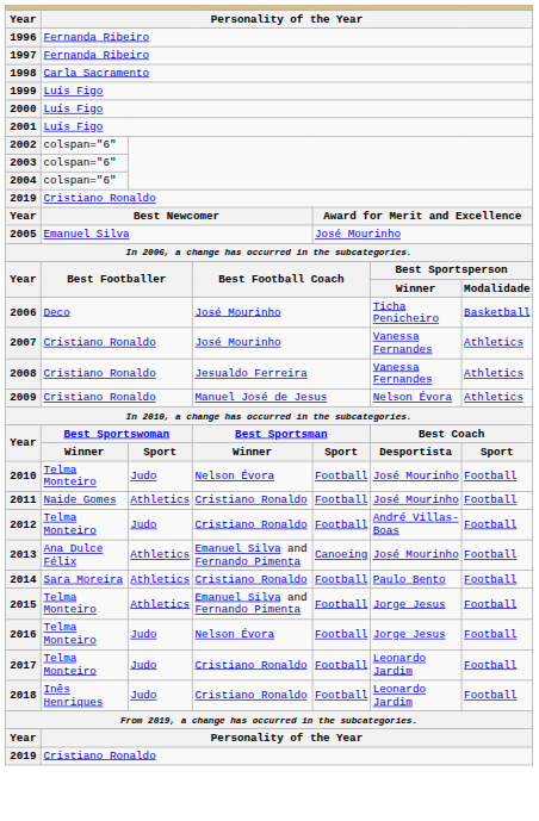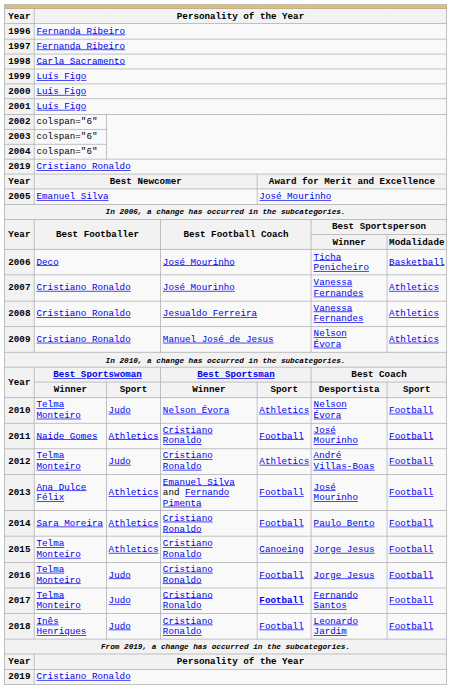 <table class="wikitable sortable" width="100%">
 <tr>
 <td colspan="7" bgcolor="#e4be6d"></td>
 </tr>
 <tr>
 <th colspan="1" style="padding: 0 5px;">Year</th>
 <th colspan="6">Personality of the Year</th>
 </tr>
 <tr>
 <th>1996</th>
 <td colspan="6"><a href='#'>Fernanda Ribeiro</a></td>
 </tr>
 <tr>
 <th>1997</th>
 <td colspan="6"><a href='#'>Fernanda Ribeiro</a></td>
 </tr>
 <tr>
 <th>1998</th>
 <td colspan="6"><a href='#'>Carla Sacramento</a></td>
 </tr>
 <tr>
 <th>1999</th>
 <td colspan="6"><a href='#'>Luís Figo</a></td>
 </tr>
 <tr>
 <th>2000</th>
 <td colspan="6"><a href='#'>Luís Figo</a></td>
 </tr>
 <tr>
 <th>2001</th>
 <td colspan="6"><a href='#'>Luís Figo</a></td>
 </tr>
 <tr>
 <th>2002</th>
 <td>colspan="6" </td>
 </tr>
 <tr>
 <th>2003</th>
 <td>colspan="6" </td>
 </tr>
 <tr>
 <th>2004</th>
 <td>colspan="6" </td>
 </tr>
 <tr>
 <th>2019</th>
 <td colspan="6"><a href='#'>Cristiano Ronaldo</a></td>
 </tr>
 <tr>
 <th>Year</th>
 <th colspan="3">Best Newcomer</th>
 <th colspan="3">Award for Merit and Excellence</th>
 </tr>
 <tr>
 <th>2005</th>
 <td colspan="3"><a href='#'>Emanuel Silva</a></td>
 <td colspan="3"><a href='#'>José Mourinho</a></td>
 </tr>
 <tr>
 <th colspan="7"><em><small>In 2006, a change has occurred in the subcategories.</small></em></th>
 </tr>
 <tr>
 <th rowspan="2">Year</th>
 <th colspan="2" rowspan="2">Best Footballer</th>
 <th colspan="2" rowspan="2">Best Football Coach</th>
 <th colspan="2">Best Sportsperson</th>
 </tr>
 <tr>
 <th>Winner</th>
 <th>Modalidade</th>
 </tr>
 <tr>
 <th>2006</th>
 <td colspan="2"><a href='#'>Deco</a></td>
 <td colspan="2"><a href='#'>José Mourinho</a></td>
 <td><a href='#'>Ticha Penicheiro</a></td>
 <td><a href='#'>Basketball</a></td>
 </tr>
 <tr>
 <th>2007</th>
 <td colspan="2"><a href='#'>Cristiano Ronaldo</a></td>
 <td colspan="2"><a href='#'>José Mourinho</a></td>
 <td><a href='#'>Vanessa Fernandes</a></td>
 <td><a href='#'>Athletics</a></td>
 </tr>
 <tr>
 <th>2008</th>
 <td colspan="2"><a href='#'>Cristiano Ronaldo</a></td>
 <td colspan="2"><a href='#'>Jesualdo Ferreira</a></td>
 <td><a href='#'>Vanessa Fernandes</a></td>
 <td><a href='#'>Athletics</a></td>
 </tr>
 <tr>
 <th>2009</th>
 <td colspan="2"><a href='#'>Cristiano Ronaldo</a></td>
 <td colspan="2"><a href='#'>Manuel José de Jesus</a></td>
 <td><a href='#'>Nelson Évora</a> </td>
 <td><a href='#'>Athletics</a></td>
 </tr>
 <tr>
 <th colspan="7"><em><small>In 2010, a change has occurred in the subcategories.</small></em></th>
 </tr>
 <tr>
 <th rowspan="2">Year</th>
 <th colspan="2"><a href='#'>Best Sportswoman</a></th>
 <th colspan="2"><a href='#'>Best Sportsman</a></th>
 <th colspan="2">Best Coach</th>
 </tr>
 <tr>
 <th>Winner</th>
 <th>Sport</th>
 <th>Winner</th>
 <th>Sport</th>
 <th>Desportista</th>
 <th>Sport</th>
 </tr>
 <tr>
 <th>2010</th>
 <td><a href='#'>Telma Monteiro</a></td>
 <td><a href='#'>Judo</a></td>
 <td><a href='#'>Nelson Évora</a></td>
-<td><a href='#'>Football</a></td>
-<td><a href='#'>José Mourinho</a></td>
+<td><a href='#'>Athletics</a></td>
+<td><a href='#'>Nelson Évora</a> </td>
 <td><a href='#'>Football</a></td>
 </tr>
 <tr>
 <th>2011</th>
 <td><a href='#'>Naide Gomes</a></td>
 <td><a href='#'>Athletics</a></td>
 <td><a href='#'>Cristiano Ronaldo</a></td>
 <td><a href='#'>Football</a></td>
 <td><a href='#'>José Mourinho</a></td>
 <td><a href='#'>Football</a></td>
 </tr>
 <tr>
 <th>2012</th>
 <td><a href='#'>Telma Monteiro</a></td>
 <td><a href='#'>Judo</a></td>
 <td><a href='#'>Cristiano Ronaldo</a></td>
-<td><a href='#'>Football</a></td>
+<td><a href='#'>Athletics</a></td>
 <td><a href='#'>André Villas-Boas</a></td>
 <td><a href='#'>Football</a></td>
 </tr>
 <tr>
 <th>2013</th>
 <td><a href='#'>Ana Dulce Félix</a></td>
 <td><a href='#'>Athletics</a></td>
 <td><a href='#'>Emanuel Silva</a> and <a href='#'>Fernando Pimenta</a></td>
-<td><a href='#'>Canoeing</a></td>
+<td><a href='#'>Football</a></td>
 <td><a href='#'>José Mourinho</a></td>
 <td><a href='#'>Football</a></td>
 </tr>
 <tr>
 <th>2014</th>
 <td><a href='#'>Sara Moreira</a></td>
 <td><a href='#'>Athletics</a></td>
 <td><a href='#'>Cristiano Ronaldo</a></td>
 <td><a href='#'>Football</a></td>
 <td><a href='#'>Paulo Bento</a></td>
 <td><a href='#'>Football</a></td>
 </tr>
 <tr>
 <th>2015</th>
 <td><a href='#'>Telma Monteiro</a></td>
 <td><a href='#'>Athletics</a></td>
-<td><a href='#'>Emanuel Silva</a> and <a href='#'>Fernando Pimenta</a></td>
-<td><a href='#'>Football</a></td>
+<td><a href='#'>Cristiano Ronaldo</a></td>
+<td><a href='#'>Canoeing</a></td>
 <td><a href='#'>Jorge Jesus</a></td>
 <td><a href='#'>Football</a></td>
 </tr>
 <tr>
 <th>2016</th>
 <td><a href='#'>Telma Monteiro</a></td>
 <td><a href='#'>Judo</a></td>
-<td><a href='#'>Nelson Évora</a></td>
+<td><a href='#'>Cristiano Ronaldo</a></td>
 <td><a href='#'>Football</a></td>
 <td><a href='#'>Jorge Jesus</a></td>
 <td><a href='#'>Football</a></td>
 </tr>
 <tr>
 <th>2017</th>
 <td><a href='#'>Telma Monteiro</a></td>
 <td><a href='#'>Judo</a></td>
 <td><a href='#'>Cristiano Ronaldo</a></td>
-<td><a href='#'>Football</a></td>
-<td><a href='#'>Leonardo Jardim</a></td>
+<td><strong><a href='#'>Football</a></strong></td>
+<td><a href='#'>Fernando Santos</a></td>
 <td><a href='#'>Football</a></td>
 </tr>
 <tr>
 <th>2018</th>
 <td><a href='#'>Inês Henriques</a></td>
 <td><a href='#'>Judo</a></td>
 <td><a href='#'>Cristiano Ronaldo</a></td>
 <td><a href='#'>Football</a></td>
 <td><a href='#'>Leonardo Jardim</a></td>
 <td><a href='#'>Football</a></td>
 </tr>
 <tr>
 <th colspan="7"><em><small>From 2019, a change has occurred in the subcategories.</small></em></th>
 </tr>
 <tr>
 <th colspan="1">Year</th>
 <th colspan="6">Personality of the Year</th>
 </tr>
 <tr>
 <th>2019</th>
 <td colspan="6"><a href='#'>Cristiano Ronaldo</a></td>
 </tr>
 </table>
